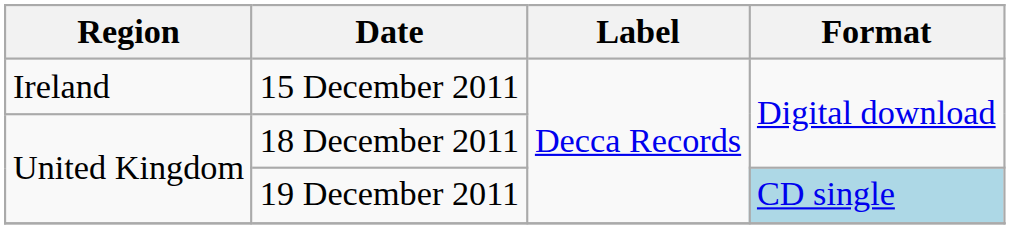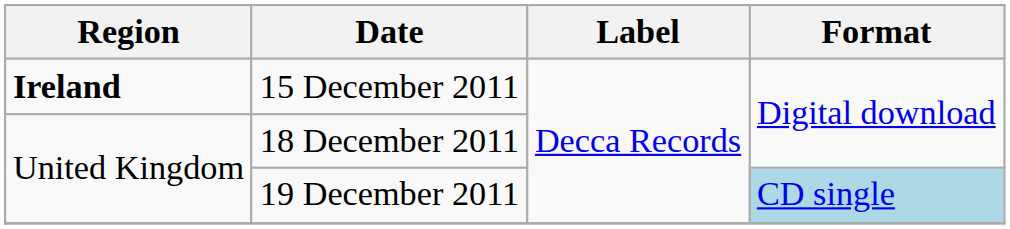 <table class="wikitable">
 <tr>
 <th>Region</th>
 <th>Date</th>
 <th>Label</th>
 <th>Format</th>
 </tr>
 <tr>
-<td>Ireland</td>
+<td><strong>Ireland</strong></td>
 <td>15 December 2011</td>
 <td rowspan="3"><a href='#'>Decca Records</a></td>
 <td rowspan="2"><a href='#'>Digital download</a></td>
 </tr>
 <tr>
 <td rowspan="2">United Kingdom</td>
 <td>18 December 2011</td>
 </tr>
 <tr>
 <td>19 December 2011</td>
 <td style="background: lightblue;"><a href='#'>CD single</a></td>
 </tr>
 <tr>
 </tr>
 </table>
